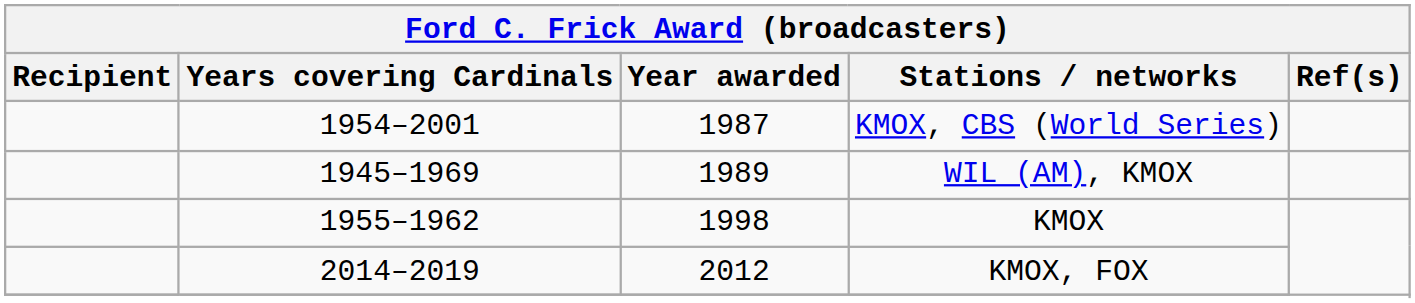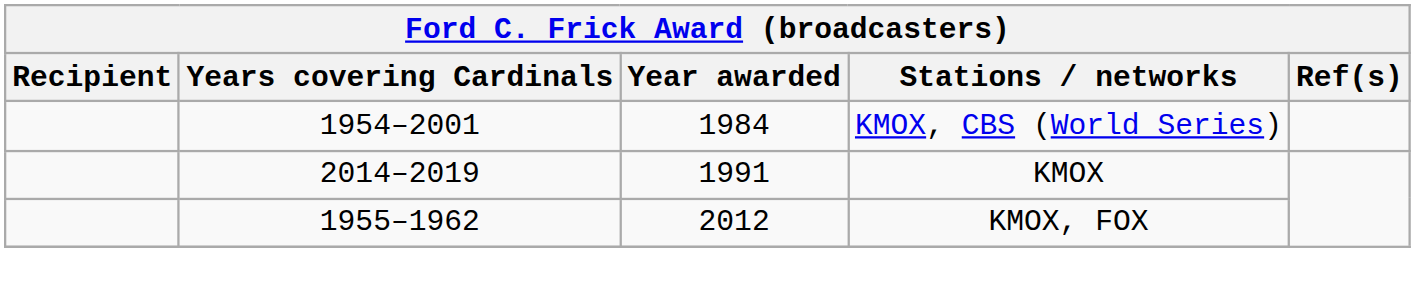 <table class="wikitable sortable" style="text-align:center">
 <tr>
 <th colspan=5><strong><a href='#'><span>Ford C. Frick Award</span></a> (broadcasters)</strong></th>
 </tr>
 <tr>
 <th scope="col">Recipient</th>
 <th scope="col">Years covering Cardinals</th>
 <th scope="col">Year awarded</th>
 <th scope="col">Stations / networks</th>
 <th scope="col">Ref(s)</th>
 </tr>
 <tr>
 <td align="center"></td>
 <td>1954–2001</td>
-<td>1987</td>
+<td>1984</td>
 <td><a href='#'>KMOX</a>, <a href='#'>CBS</a> (<a href='#'>World Series</a>)</td>
 <td></td>
 </tr>
 <tr>
 <td align="center"></td>
-<td>1945–1969</td>
-<td>1989</td>
-<td><a href='#'>WIL (AM)</a>, KMOX</td>
-<td></td>
+<td>2014–2019</td>
+<td>1991</td>
+<td>KMOX</td>
 </tr>
 <tr>
 <td align="center"></td>
 <td>1955–1962</td>
-<td>1998</td>
-<td>KMOX</td>
-</tr>
-<tr>
-<td align="center"></td>
-<td>2014–2019</td>
 <td>2012</td>
 <td>KMOX, FOX</td>
 </tr>
 <tr>
 </tr>
 </table>
